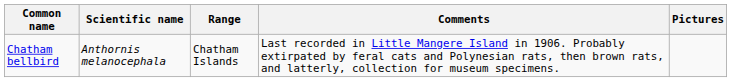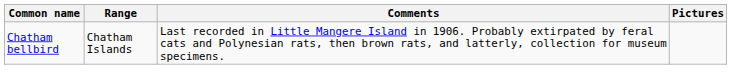 <table class="wikitable">
 <tr>
 <th>Common name</th>
-<th>Scientific name</th>
 <th>Range</th>
 <th class="unsortable">Comments</th>
 <th class="unsortable">Pictures</th>
 </tr>
 <tr>
 <td><a href='#'>Chatham bellbird</a></td>
-<td><em>Anthornis melanocephala</em></td>
 <td>Chatham Islands</td>
 <td>Last recorded in <a href='#'>Little Mangere Island</a> in 1906. Probably extirpated by feral cats and Polynesian rats, then brown rats, and latterly, collection for museum specimens.</td>
 <td></td>
 </tr>
 </table>
